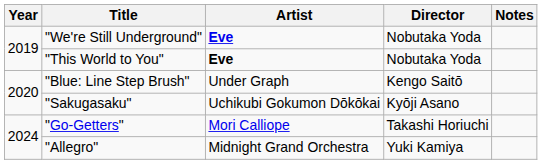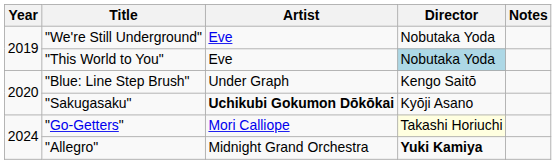 <table class="wikitable sortable">
 <tr>
 <th>Year</th>
 <th>Title</th>
 <th>Artist</th>
 <th>Director</th>
 <th>Notes</th>
 </tr>
 <tr>
 <td rowspan="2">2019</td>
 <td>"We're Still Underground"</td>
-<td><strong><a href='#'>Eve</a></strong></td>
+<td><a href='#'>Eve</a></td>
 <td>Nobutaka Yoda</td>
 <td></td>
 </tr>
 <tr>
 <td>"This World to You"</td>
-<td><strong>Eve</strong></td>
-<td>Nobutaka Yoda</td>
+<td>Eve</td>
+<td style="background: lightblue;">Nobutaka Yoda</td>
 <td></td>
 </tr>
 <tr>
 <td rowspan="2">2020</td>
 <td>"Blue: Line Step Brush"</td>
 <td>Under Graph</td>
 <td>Kengo Saitō</td>
 <td></td>
 </tr>
 <tr>
 <td>"Sakugasaku"</td>
-<td>Uchikubi Gokumon Dōkōkai</td>
+<td><strong>Uchikubi Gokumon Dōkōkai</strong></td>
 <td>Kyōji Asano</td>
 <td></td>
 </tr>
 <tr>
 <td rowspan="2">2024</td>
 <td>"<a href='#'>Go-Getters</a>"</td>
 <td><a href='#'>Mori Calliope</a></td>
-<td>Takashi Horiuchi</td>
+<td style="background: lightyellow;">Takashi Horiuchi</td>
 <td></td>
 </tr>
 <tr>
 <td>"Allegro"</td>
 <td>Midnight Grand Orchestra</td>
-<td>Yuki Kamiya</td>
+<td><strong>Yuki Kamiya</strong></td>
 <td></td>
 </tr>
 </table>
